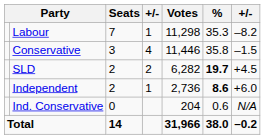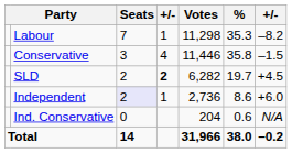 <table class="wikitable sortable">
 <tr>
 <th colspan="2">Party</th>
 <th>Seats</th>
 <th>+/-</th>
 <th>Votes</th>
 <th>%</th>
 <th>+/-</th>
 </tr>
 <tr>
 <td style="background-color: "></td>
 <td><a href='#'>Labour</a></td>
 <td>7</td>
 <td> 1</td>
 <td style="text-align:right;">11,298</td>
 <td style="text-align:right;">35.3</td>
 <td style="text-align:right;">–8.2</td>
 </tr>
 <tr>
 <td style="background-color: "></td>
 <td><a href='#'>Conservative</a></td>
 <td>3</td>
 <td> 4</td>
 <td style="text-align:right;">11,446</td>
 <td style="text-align:right;">35.8</td>
 <td style="text-align:right;">–1.5</td>
 </tr>
 <tr>
 <td style="background-color: "></td>
 <td><a href='#'>SLD</a></td>
 <td>2</td>
-<td> 2</td>
+<td><strong> 2</strong></td>
 <td style="text-align:right;">6,282</td>
-<td style="text-align:right;"><strong>19.7</strong></td>
+<td style="text-align:right;">19.7</td>
 <td style="text-align:right;">+4.5</td>
 </tr>
 <tr>
 <td style="background-color: "></td>
 <td><a href='#'>Independent</a></td>
-<td>2</td>
+<td style="background: lavender;">2</td>
 <td> 1</td>
 <td style="text-align:right;">2,736</td>
-<td style="text-align:right;"><strong>8.6</strong></td>
+<td style="text-align:right;">8.6</td>
 <td style="text-align:right;">+6.0</td>
 </tr>
 <tr>
 <td style="background-color: "></td>
 <td><a href='#'>Ind. Conservative</a></td>
 <td>0</td>
 <td></td>
 <td style="text-align:right;">204</td>
 <td style="text-align:right;">0.6</td>
 <td style="text-align:right;"><em>N/A</em></td>
 </tr>
 <tr>
 <td colspan="2"><strong>Total</strong></td>
 <td><strong>14</strong></td>
 <td></td>
 <td style="text-align:right;"><strong>31,966</strong></td>
 <td style="text-align:right;"><strong>38.0</strong></td>
 <td style="text-align:right;"><strong>–0.2</strong></td>
 </tr>
 </table>
